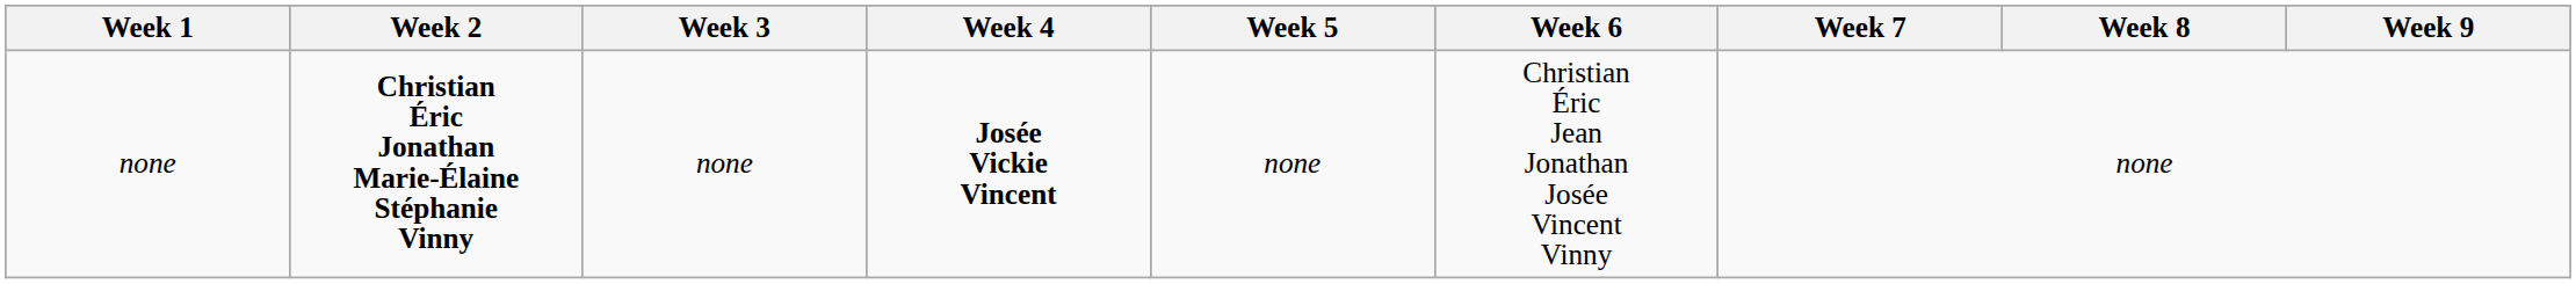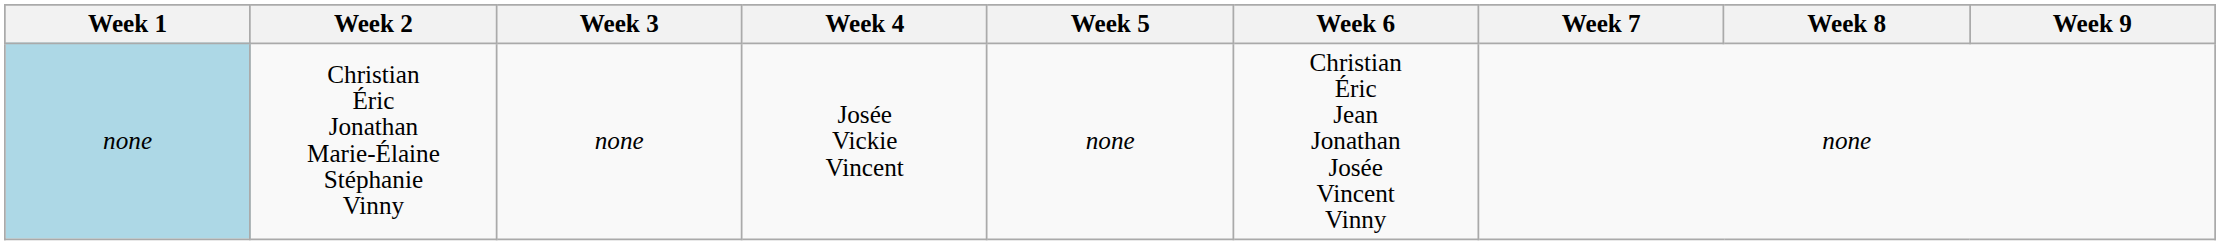 <table class="wikitable" style="text-align:center; font-size:90%; width:100%; line-height:15px;">
 <tr>
 <th style="width:5%">Week 1</th>
 <th style="width:5%">Week 2</th>
 <th style="width:5%">Week 3</th>
 <th style="width:5%">Week 4</th>
 <th style="width:5%">Week 5</th>
 <th style="width:5%">Week 6</th>
 <th style="width:5%">Week 7</th>
 <th style="width:5%">Week 8</th>
 <th style="width:5%">Week 9</th>
 </tr>
 <tr>
+<td style="background: lightblue;"><em>none</em></td>
+<td>Christian<br>Éric<br>Jonathan<br>Marie-Élaine<br>Stéphanie<br>Vinny</td>
 <td><em>none</em></td>
-<td><strong>Christian<br>Éric<br>Jonathan<br>Marie-Élaine<br>Stéphanie<br>Vinny</strong></td>
-<td><em>none</em></td>
-<td><strong>Josée<br>Vickie<br>Vincent</strong></td>
+<td>Josée<br>Vickie<br>Vincent</td>
 <td><em>none</em></td>
 <td>Christian<br>Éric<br>Jean<br>Jonathan<br>Josée<br>Vincent<br>Vinny</td>
 <td colspan="3"><em>none</em></td>
 </tr>
 </table>
